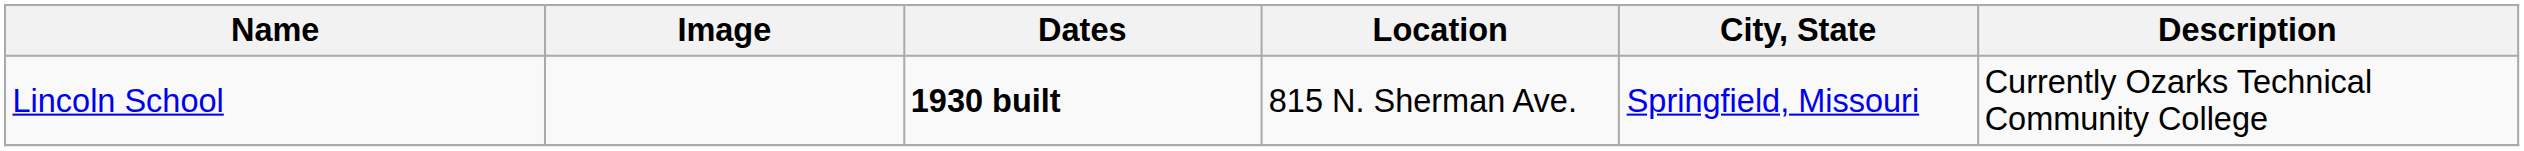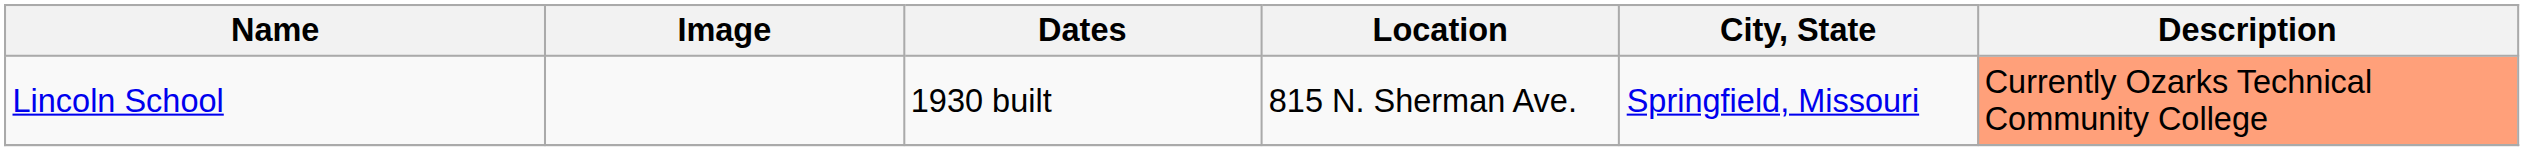 <table class="wikitable sortable" style="width:98%">
 <tr>
 <th style="width: 200px"><strong>Name</strong></th>
 <th class="unsortable" style="width: 130px"><strong>Image</strong></th>
 <th style="width: 130px"><strong>Dates</strong></th>
 <th style="width: 130px"><strong>Location</strong></th>
 <th style="width: 130px"><strong>City, State</strong></th>
 <th class="unsortable" style="width: 200px"><strong>Description</strong></th>
 </tr>
 <tr>
 <td><a href='#'>Lincoln School</a></td>
 <td></td>
-<td><strong>1930 built</strong></td>
+<td>1930 built</td>
 <td>815 N. Sherman Ave.</td>
 <td><a href='#'>Springfield, Missouri</a></td>
-<td>Currently Ozarks Technical Community College</td>
+<td style="background: lightsalmon;">Currently Ozarks Technical Community College</td>
 </tr>
 <tr>
 </tr>
 </table>
